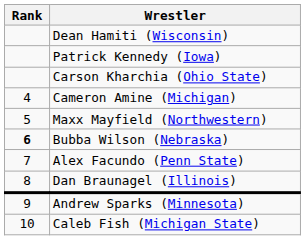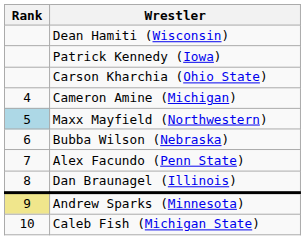 <table class="wikitable" style="text-align: center;">
 <tr>
 <th width="40">Rank</th>
 <th width="250">Wrestler</th>
 </tr>
 <tr>
 <td></td>
 <td align="left">Dean Hamiti (<a href='#'>Wisconsin</a>)</td>
 </tr>
 <tr>
 <td></td>
 <td align="left">Patrick Kennedy (<a href='#'>Iowa</a>)</td>
 </tr>
 <tr>
 <td></td>
 <td align="left">Carson Kharchia (<a href='#'>Ohio State</a>)</td>
 </tr>
 <tr>
 <td>4</td>
 <td align="left">Cameron Amine (<a href='#'>Michigan</a>)</td>
 </tr>
 <tr>
-<td>5</td>
+<td style="background: lightblue;">5</td>
 <td align="left">Maxx Mayfield (<a href='#'>Northwestern</a>)</td>
 </tr>
 <tr>
-<td><strong>6</strong></td>
+<td>6</td>
 <td align="left">Bubba Wilson (<a href='#'>Nebraska</a>)</td>
 </tr>
 <tr>
 <td>7</td>
 <td align="left">Alex Facundo (<a href='#'>Penn State</a>)</td>
 </tr>
 <tr>
 <td>8</td>
 <td align="left">Dan Braunagel (<a href='#'>Illinois</a>)</td>
 </tr>
 <tr style="border-top:3px solid black">
-<td>9</td>
+<td style="background: khaki;">9</td>
 <td align="left">Andrew Sparks (<a href='#'>Minnesota</a>)</td>
 </tr>
 <tr>
 <td>10</td>
 <td align="left">Caleb Fish (<a href='#'>Michigan State</a>)</td>
 </tr>
 </table>
